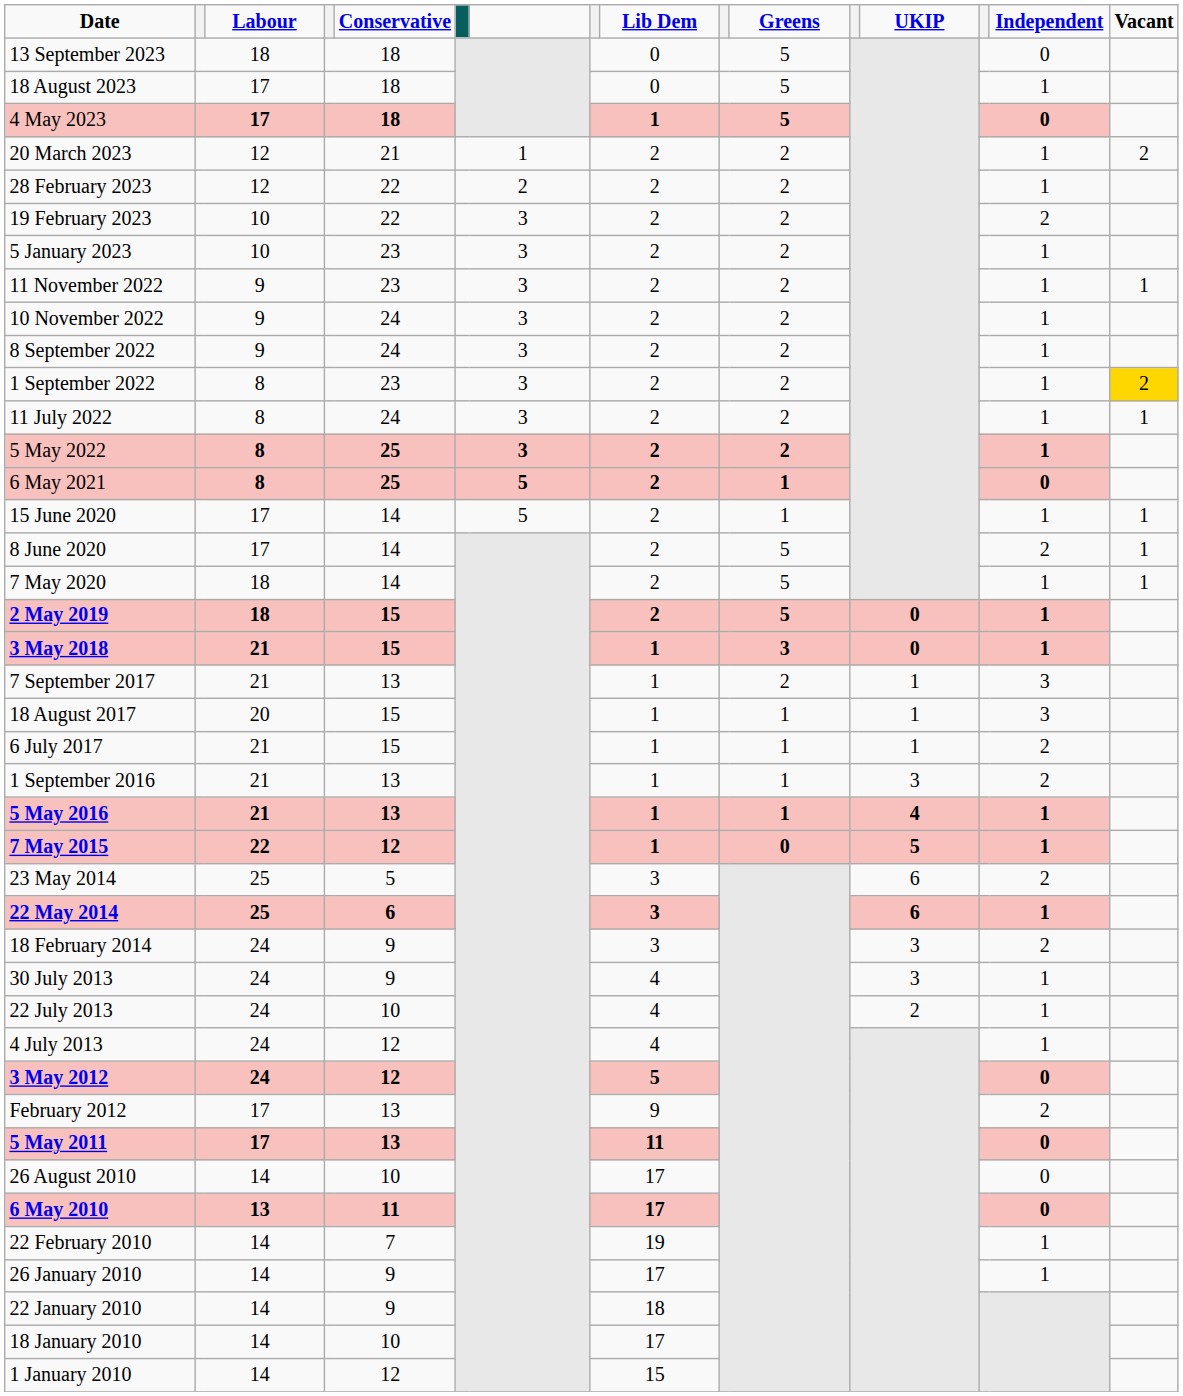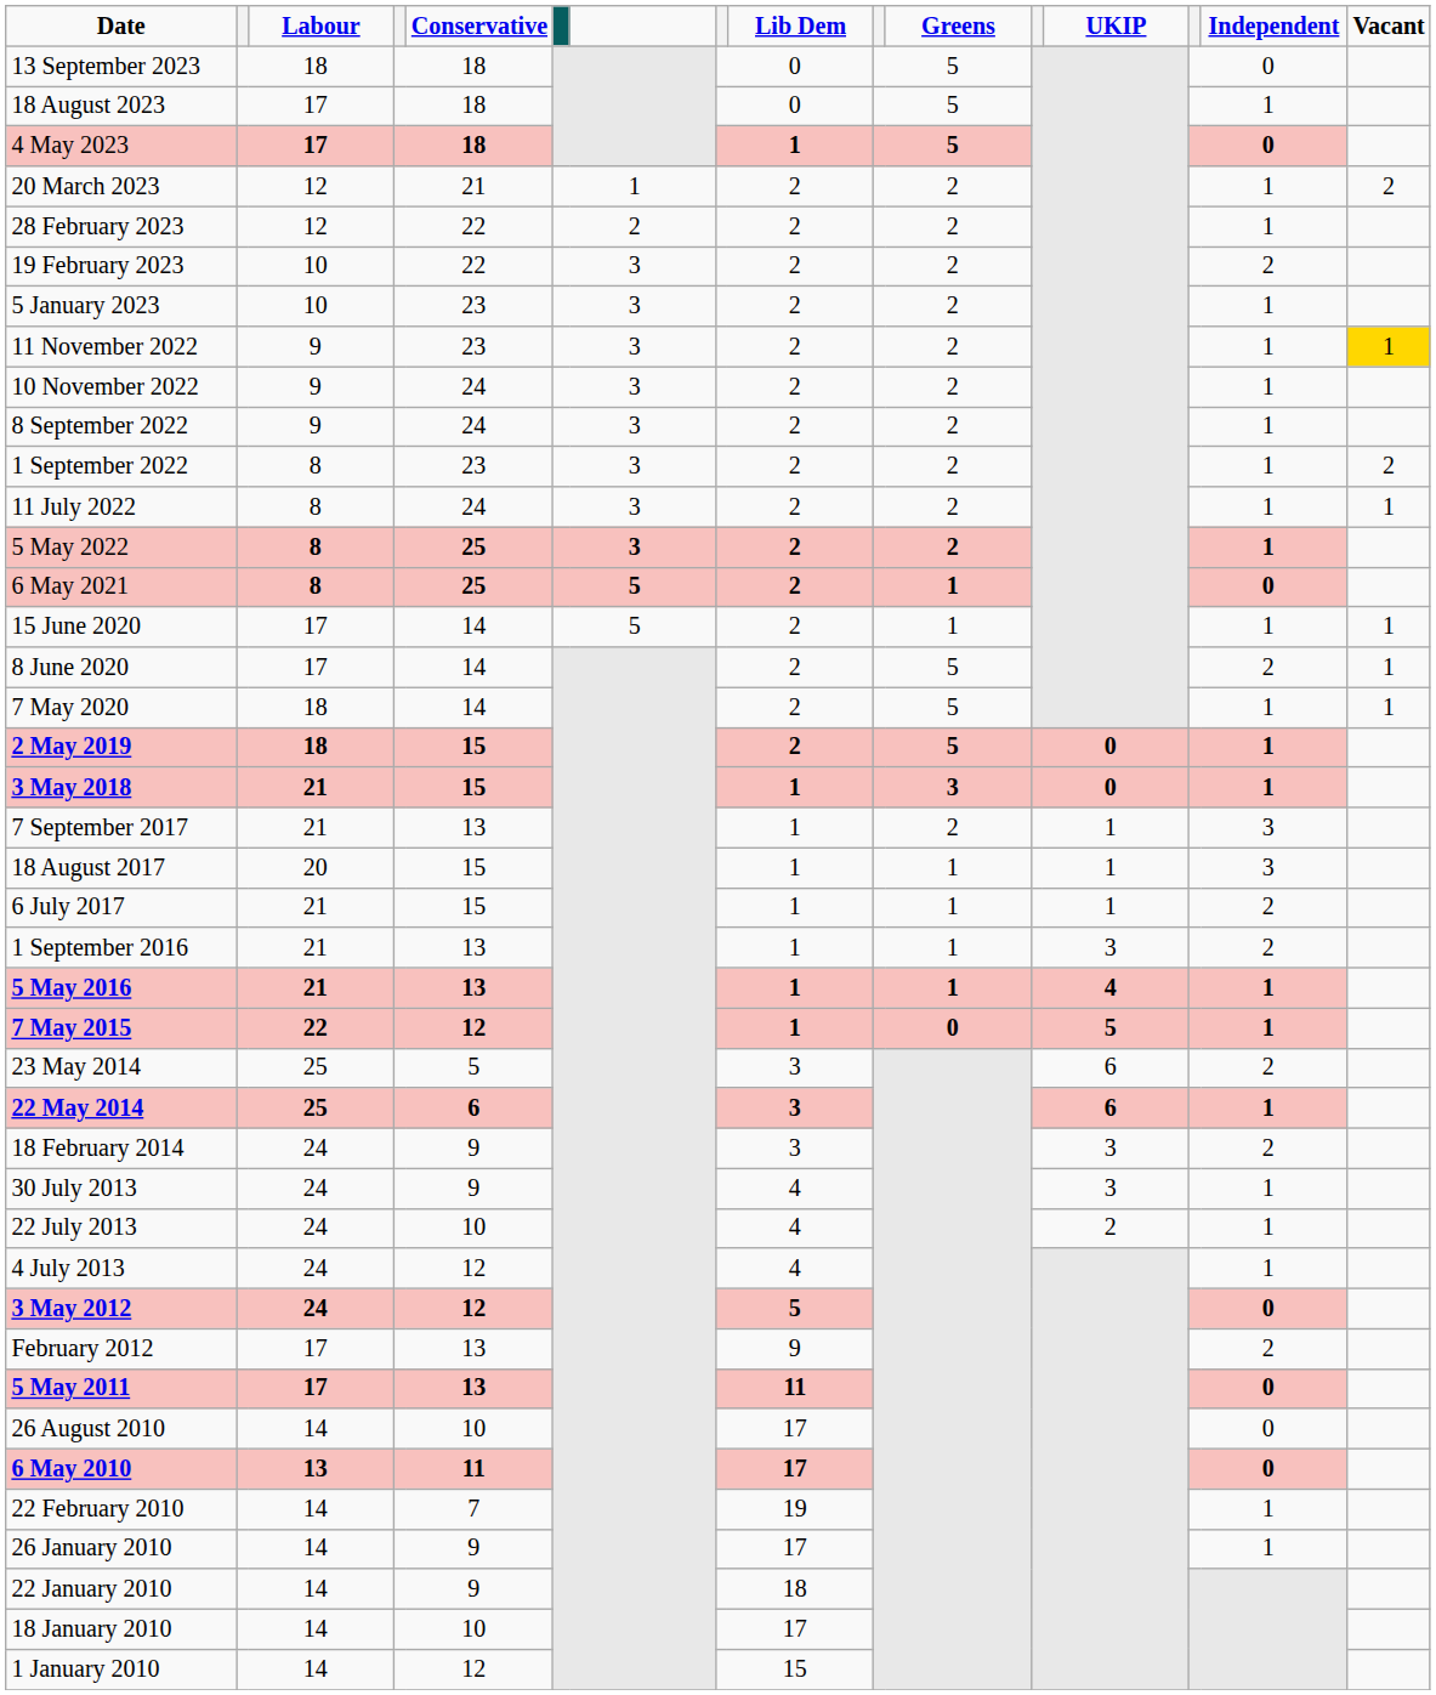 <table class="wikitable sortable" style="text-align:left; padding-left:1em; font-size:90%">
 <tr>
 <td width=130 align="center"><strong>Date</strong></td>
 <th style="background-color: "></th>
 <td width=80 align="center"><strong><a href='#'>Labour</a></strong></td>
 <th style="background-color: "></th>
 <td width=80 align="center"><strong><a href='#'>Conservative</a></strong></td>
 <th style="background-color: #065E5F; width: 3px;"></th>
 <td width=80 align="center"><strong></strong></td>
 <th style="background-color: "></th>
 <td width=80 align="center"><strong><a href='#'>Lib Dem</a></strong></td>
 <th style="background-color: "></th>
 <td width=80 align="center"><strong><a href='#'>Greens</a></strong></td>
 <th style="background-color: "></th>
 <td width=80 align="center"><strong><a href='#'>UKIP</a></strong></td>
 <th style="background-color: "></th>
 <td width=80 align="center"><strong><a href='#'>Independent</a></strong></td>
 <td><strong>Vacant</strong></td>
 </tr>
 <tr>
 <td>13 September 2023</td>
 <td colspan="2" align="center" style=>18</td>
 <td colspan="2" align="center" style=>18</td>
 <td colspan="2" rowspan="3" align="center" style="background:#E8E8E8"></td>
 <td colspan="2" align="center" style=>0</td>
 <td colspan="2" align="center" style=>5</td>
 <td colspan="2" rowspan="17" align="center" style="background:#E8E8E8"></td>
 <td colspan="2" align="center" style=>0</td>
 </tr>
 <tr>
 <td>18 August 2023</td>
 <td colspan="2" align="center" style=>17</td>
 <td colspan="2" align="center" style=>18</td>
 <td colspan="2" align="center" style=>0</td>
 <td colspan="2" align="center" style=>5</td>
 <td colspan="2" align="center" style=>1</td>
 <td></td>
 </tr>
 <tr>
 <td style="background:#F8C1BE">4 May 2023</td>
 <td colspan="2" align="center" style="background:#F8C1BE"><strong>17</strong></td>
 <td colspan="2" align="center" style="background:#F8C1BE"><strong>18</strong></td>
 <td colspan="2" align="center" style="background:#F8C1BE"><strong>1</strong></td>
 <td colspan="2" align="center" style="background:#F8C1BE"><strong>5</strong></td>
 <td colspan="2" align="center" style="background:#F8C1BE"><strong>0</strong></td>
 <td></td>
 </tr>
 <tr>
 <td>20 March 2023</td>
 <td colspan="2" align="center" style=>12</td>
 <td colspan="2" align="center" style=>21</td>
 <td colspan="2" align="center" style=>1</td>
 <td colspan="2" align="center" style=>2</td>
 <td colspan="2" align="center" style=>2</td>
 <td colspan="2" align="center" style=>1</td>
 <td align="center" style=>2</td>
 </tr>
 <tr>
 <td>28 February 2023</td>
 <td colspan="2" align="center" style=>12</td>
 <td colspan="2" align="center" style=>22</td>
 <td colspan="2" align="center" style=>2</td>
 <td colspan="2" align="center" style=>2</td>
 <td colspan="2" align="center" style=>2</td>
 <td colspan="2" align="center" style=>1</td>
 <td></td>
 </tr>
 <tr>
 <td>19 February 2023</td>
 <td colspan="2" align="center" style=>10</td>
 <td colspan="2" align="center" style=>22</td>
 <td colspan="2" align="center" style=>3</td>
 <td colspan="2" align="center" style=>2</td>
 <td colspan="2" align="center" style=>2</td>
 <td colspan="2" align="center" style=>2</td>
 <td></td>
 </tr>
 <tr>
 <td>5 January 2023</td>
 <td colspan="2" align="center" style=>10</td>
 <td colspan="2" align="center" style=>23</td>
 <td colspan="2" align="center" style=>3</td>
 <td colspan="2" align="center" style=>2</td>
 <td colspan="2" align="center" style=>2</td>
 <td colspan="2" align="center" style=>1</td>
 <td></td>
 </tr>
 <tr>
 <td>11 November 2022</td>
 <td colspan="2" align="center">9</td>
 <td colspan="2" align="center">23</td>
 <td colspan="2" align="center">3</td>
 <td colspan="2" align="center">2</td>
 <td colspan="2" align="center">2</td>
 <td colspan="2" align="center">1</td>
-<td align="center">1</td>
+<td align="center" style="background: gold;">1</td>
 </tr>
 <tr>
 <td>10 November 2022</td>
 <td colspan="2" align="center" style=>9</td>
 <td colspan="2" align="center" style=>24</td>
 <td colspan="2" align="center" style=>3</td>
 <td colspan="2" align="center" style=>2</td>
 <td colspan="2" align="center" style=>2</td>
 <td colspan="2" align="center" style=>1</td>
 <td></td>
 </tr>
 <tr>
 <td>8 September 2022</td>
 <td colspan="2" align="center" style=>9</td>
 <td colspan="2" align="center" style=>24</td>
 <td colspan="2" align="center" style=>3</td>
 <td colspan="2" align="center" style=>2</td>
 <td colspan="2" align="center" style=>2</td>
 <td colspan="2" align="center" style=>1</td>
 <td></td>
 </tr>
 <tr>
 <td>1 September 2022</td>
 <td colspan="2" align="center">8</td>
 <td colspan="2" align="center">23</td>
 <td colspan="2" align="center">3</td>
 <td colspan="2" align="center">2</td>
 <td colspan="2" align="center">2</td>
 <td colspan="2" align="center">1</td>
-<td align="center" style="background: gold;">2</td>
+<td align="center">2</td>
 </tr>
 <tr>
 <td>11 July 2022</td>
 <td colspan="2" align="center">8</td>
 <td colspan="2" align="center">24</td>
 <td colspan="2" align="center">3</td>
 <td colspan="2" align="center">2</td>
 <td colspan="2" align="center">2</td>
 <td colspan="2" align="center">1</td>
 <td align="center">1</td>
 </tr>
 <tr>
 <td style="background:#F8C1BE">5 May 2022</td>
 <td colspan="2" align="center" style="background:#F8C1BE"><strong>8</strong></td>
 <td colspan="2" align="center" style="background:#F8C1BE"><strong>25</strong></td>
 <td colspan="2" align="center" style="background:#F8C1BE"><strong>3</strong></td>
 <td colspan="2" align="center" style="background:#F8C1BE"><strong>2</strong></td>
 <td colspan="2" align="center" style="background:#F8C1BE"><strong>2</strong></td>
 <td colspan="2" align="center" style="background:#F8C1BE"><strong>1</strong></td>
 <td></td>
 </tr>
 <tr>
 <td style="background:#F8C1BE">6 May 2021</td>
 <td colspan="2" align="center" style="background:#F8C1BE"><strong>8</strong></td>
 <td colspan="2" align="center" style="background:#F8C1BE"><strong>25</strong></td>
 <td colspan="2" align="center" style="background:#F8C1BE"><strong>5</strong></td>
 <td colspan="2" align="center" style="background:#F8C1BE"><strong>2</strong></td>
 <td colspan="2" align="center" style="background:#F8C1BE"><strong>1</strong></td>
 <td colspan="2" align="center" style="background:#F8C1BE"><strong>0</strong></td>
 <td></td>
 </tr>
 <tr>
 <td>15 June 2020</td>
 <td colspan="2" align="center">17</td>
 <td colspan="2" align="center">14</td>
 <td colspan="2" align="center">5</td>
 <td colspan="2" align="center">2</td>
 <td colspan="2" align="center">1</td>
 <td colspan="2" align="center">1</td>
 <td align="center">1</td>
 </tr>
 <tr>
 <td>8 June 2020</td>
 <td colspan="2" align="center">17</td>
 <td colspan="2" align="center">14</td>
 <td colspan="2" rowspan="26" align="center" style="background:#E8E8E8"></td>
 <td colspan="2" align="center">2</td>
 <td colspan="2" align="center">5</td>
 <td colspan="2" align="center">2</td>
 <td align="center">1</td>
 </tr>
 <tr>
 <td>7 May 2020</td>
 <td colspan="2" align="center">18</td>
 <td colspan="2" align="center">14</td>
 <td colspan="2" align="center">2</td>
 <td colspan="2" align="center">5</td>
 <td colspan="2" align="center">1</td>
 <td align="center">1</td>
 </tr>
 <tr>
 <td style="background:#F8C1BE"><strong><a href='#'>2 May 2019</a></strong></td>
 <td colspan="2" align="center" style="background:#F8C1BE"><strong>18</strong></td>
 <td colspan="2" align="center" style="background:#F8C1BE"><strong>15</strong></td>
 <td colspan="2" align="center" style="background:#F8C1BE"><strong>2</strong></td>
 <td colspan="2" align="center" style="background:#F8C1BE"><strong>5</strong></td>
 <td colspan="2" align="center" style="background:#F8C1BE"><strong>0</strong></td>
 <td colspan="2" align="center" style="background:#F8C1BE"><strong>1</strong></td>
 <td></td>
 </tr>
 <tr>
 <td style="background:#F8C1BE"><strong><a href='#'>3 May 2018</a></strong></td>
 <td colspan="2" align="center" style="background:#F8C1BE"><strong>21</strong></td>
 <td colspan="2" align="center" style="background:#F8C1BE"><strong>15</strong></td>
 <td colspan="2" align="center" style="background:#F8C1BE"><strong>1</strong></td>
 <td colspan="2" align="center" style="background:#F8C1BE"><strong>3</strong></td>
 <td colspan="2" align="center" style="background:#F8C1BE"><strong>0</strong></td>
 <td colspan="2" align="center" style="background:#F8C1BE"><strong>1</strong></td>
 <td></td>
 </tr>
 <tr>
 <td>7 September 2017</td>
 <td colspan="2" align="center">21</td>
 <td colspan="2" align="center">13</td>
 <td colspan="2" align="center">1</td>
 <td colspan="2" align="center">2</td>
 <td colspan="2" align="center">1</td>
 <td colspan="2" align="center">3</td>
 <td></td>
 </tr>
 <tr>
 <td>18 August 2017</td>
 <td colspan="2" align="center">20</td>
 <td colspan="2" align="center">15</td>
 <td colspan="2" align="center">1</td>
 <td colspan="2" align="center">1</td>
 <td colspan="2" align="center">1</td>
 <td colspan="2" align="center">3</td>
 <td></td>
 </tr>
 <tr>
 <td>6 July 2017</td>
 <td colspan="2" align="center">21</td>
 <td colspan="2" align="center">15</td>
 <td colspan="2" align="center">1</td>
 <td colspan="2" align="center">1</td>
 <td colspan="2" align="center">1</td>
 <td colspan="2" align="center">2</td>
 <td></td>
 </tr>
 <tr>
 <td>1 September 2016</td>
 <td colspan="2" align="center">21</td>
 <td colspan="2" align="center">13</td>
 <td colspan="2" align="center">1</td>
 <td colspan="2" align="center">1</td>
 <td colspan="2" align="center">3</td>
 <td colspan="2" align="center">2</td>
 <td></td>
 </tr>
 <tr>
 <td style="background:#F8C1BE"><strong><a href='#'>5 May 2016</a></strong></td>
 <td colspan="2" align="center" style="background:#F8C1BE"><strong>21</strong></td>
 <td colspan="2" align="center" style="background:#F8C1BE"><strong>13</strong></td>
 <td colspan="2" align="center" style="background:#F8C1BE"><strong>1</strong></td>
 <td colspan="2" align="center" style="background:#F8C1BE"><strong>1</strong></td>
 <td colspan="2" align="center" style="background:#F8C1BE"><strong>4</strong></td>
 <td colspan="2" align="center" style="background:#F8C1BE"><strong>1</strong></td>
 <td></td>
 </tr>
 <tr>
 <td style="background:#F8C1BE"><strong><a href='#'>7 May 2015</a></strong></td>
 <td colspan="2" align="center" style="background:#F8C1BE"><strong>22</strong></td>
 <td colspan="2" align="center" style="background:#F8C1BE"><strong>12</strong></td>
 <td colspan="2" align="center" style="background:#F8C1BE"><strong>1</strong></td>
 <td colspan="2" align="center" style="background:#F8C1BE"><strong>0</strong></td>
 <td colspan="2" align="center" style="background:#F8C1BE"><strong>5</strong></td>
 <td colspan="2" align="center" style="background:#F8C1BE"><strong>1</strong></td>
 <td></td>
 </tr>
 <tr>
 <td>23 May 2014</td>
 <td colspan="2" align="center">25</td>
 <td colspan="2" align="center">5</td>
 <td colspan="2" align="center">3</td>
 <td colspan="2" rowspan="16" align="center" style="background:#E8E8E8"></td>
 <td colspan="2" align="center">6</td>
 <td colspan="2" align="center">2</td>
 <td></td>
 </tr>
 <tr>
 <td style="background:#F8C1BE"><strong><a href='#'>22 May 2014</a></strong></td>
 <td colspan="2" align="center" style="background:#F8C1BE"><strong>25</strong></td>
 <td colspan="2" align="center" style="background:#F8C1BE"><strong>6</strong></td>
 <td colspan="2" align="center" style="background:#F8C1BE"><strong>3</strong></td>
 <td colspan="2" align="center" style="background:#F8C1BE"><strong>6</strong></td>
 <td colspan="2" align="center" style="background:#F8C1BE"><strong>1</strong></td>
 <td></td>
 </tr>
 <tr>
 <td>18 February 2014</td>
 <td colspan="2" align="center">24</td>
 <td colspan="2" align="center">9</td>
 <td colspan="2" align="center">3</td>
 <td colspan="2" align="center">3</td>
 <td colspan="2" align="center">2</td>
 <td></td>
 </tr>
 <tr>
 <td>30 July 2013</td>
 <td colspan="2" align="center">24</td>
 <td colspan="2" align="center">9</td>
 <td colspan="2" align="center">4</td>
 <td colspan="2" align="center">3</td>
 <td colspan="2" align="center">1</td>
 <td></td>
 </tr>
 <tr>
 <td>22 July 2013</td>
 <td colspan="2" align="center">24</td>
 <td colspan="2" align="center">10</td>
 <td colspan="2" align="center">4</td>
 <td colspan="2" align="center">2</td>
 <td colspan="2" align="center">1</td>
 <td></td>
 </tr>
 <tr>
 <td>4 July 2013</td>
 <td colspan="2" align="center">24</td>
 <td colspan="2" align="center">12</td>
 <td colspan="2" align="center">4</td>
 <td colspan="2" rowspan="11" align="center" style="background:#E8E8E8"></td>
 <td colspan="2" align="center">1</td>
 <td></td>
 </tr>
 <tr>
 <td style="background:#F8C1BE"><strong><a href='#'>3 May 2012</a></strong></td>
 <td colspan="2" align="center" style="background:#F8C1BE"><strong>24</strong></td>
 <td colspan="2" align="center" style="background:#F8C1BE"><strong>12</strong></td>
 <td colspan="2" align="center" style="background:#F8C1BE"><strong>5</strong></td>
 <td colspan="2" align="center" style="background:#F8C1BE"><strong>0</strong></td>
 <td></td>
 </tr>
 <tr>
 <td>February 2012</td>
 <td colspan="2" align="center">17</td>
 <td colspan="2" align="center">13</td>
 <td colspan="2" align="center">9</td>
 <td colspan="2" align="center">2</td>
 <td></td>
 </tr>
 <tr>
 <td style="background:#F8C1BE"><strong><a href='#'>5 May 2011</a></strong></td>
 <td colspan="2" align="center" style="background:#F8C1BE"><strong>17</strong></td>
 <td colspan="2" align="center" style="background:#F8C1BE"><strong>13</strong></td>
 <td colspan="2" align="center" style="background:#F8C1BE"><strong>11</strong></td>
 <td colspan="2" align="center" style="background:#F8C1BE"><strong>0</strong></td>
 <td></td>
 </tr>
 <tr>
 <td>26 August 2010</td>
 <td colspan="2" align="center">14</td>
 <td colspan="2" align="center">10</td>
 <td colspan="2" align="center">17</td>
 <td colspan="2" align="center">0</td>
 <td></td>
 </tr>
 <tr>
 <td style="background:#F8C1BE"><strong><a href='#'>6 May 2010</a></strong></td>
 <td colspan="2" align="center" style="background:#F8C1BE"><strong>13</strong></td>
 <td colspan="2" align="center" style="background:#F8C1BE"><strong>11</strong></td>
 <td colspan="2" align="center" style="background:#F8C1BE"><strong>17</strong></td>
 <td colspan="2" align="center" style="background:#F8C1BE"><strong>0</strong></td>
 <td></td>
 </tr>
 <tr>
 <td>22 February 2010</td>
 <td colspan="2" align="center">14</td>
 <td colspan="2" align="center">7</td>
 <td colspan="2" align="center">19</td>
 <td colspan="2" align="center">1</td>
 <td></td>
 </tr>
 <tr>
 <td>26 January 2010</td>
 <td colspan="2" align="center">14</td>
 <td colspan="2" align="center">9</td>
 <td colspan="2" align="center">17</td>
 <td colspan="2" align="center">1</td>
 <td></td>
 </tr>
 <tr>
 <td>22 January 2010</td>
 <td colspan="2" align="center">14</td>
 <td colspan="2" align="center">9</td>
 <td colspan="2" align="center">18</td>
 <td colspan="2" rowspan="3" align="center" style="background:#E8E8E8"></td>
 <td></td>
 </tr>
 <tr>
 <td>18 January 2010</td>
 <td colspan="2" align="center">14</td>
 <td colspan="2" align="center">10</td>
 <td colspan="2" align="center">17</td>
 <td></td>
 </tr>
 <tr>
 <td>1 January 2010</td>
 <td colspan="2" align="center">14</td>
 <td colspan="2" align="center">12</td>
 <td colspan="2" align="center">15</td>
 <td></td>
 </tr>
 </table>
